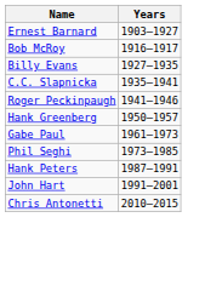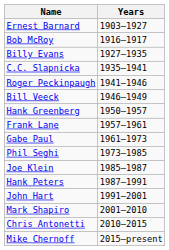 <table class="wikitable">
 <tr>
 <th>Name</th>
 <th>Years</th>
 </tr>
 <tr>
 <td><a href='#'>Ernest Barnard</a></td>
 <td>1903–1927</td>
 </tr>
 <tr>
 <td><a href='#'>Bob McRoy</a></td>
 <td>1916–1917</td>
 </tr>
 <tr>
 <td><a href='#'>Billy Evans</a></td>
 <td>1927–1935</td>
 </tr>
 <tr>
 <td><a href='#'>C.C. Slapnicka</a></td>
 <td>1935–1941</td>
 </tr>
 <tr>
 <td><a href='#'>Roger Peckinpaugh</a></td>
 <td>1941–1946</td>
 </tr>
 <tr>
+<td><a href='#'>Bill Veeck</a></td>
+<td>1946–1949</td>
+</tr>
+<tr>
 <td><a href='#'>Hank Greenberg</a></td>
 <td>1950–1957</td>
+</tr>
+<tr>
+<td><a href='#'>Frank Lane</a></td>
+<td>1957–1961</td>
 </tr>
 <tr>
 <td><a href='#'>Gabe Paul</a></td>
 <td>1961–1973</td>
 </tr>
 <tr>
 <td><a href='#'>Phil Seghi</a></td>
 <td>1973–1985</td>
 </tr>
 <tr>
+<td><a href='#'>Joe Klein</a></td>
+<td>1985–1987</td>
+</tr>
+<tr>
 <td><a href='#'>Hank Peters</a></td>
 <td>1987–1991</td>
 </tr>
 <tr>
 <td><a href='#'>John Hart</a></td>
 <td>1991–2001</td>
 </tr>
 <tr>
+<td><a href='#'>Mark Shapiro</a></td>
+<td>2001–2010</td>
+</tr>
+<tr>
 <td><a href='#'>Chris Antonetti</a></td>
 <td>2010–2015</td>
 </tr>
+<tr>
+<td><a href='#'>Mike Chernoff</a></td>
+<td>2015–present</td>
+</tr>
 </table>
